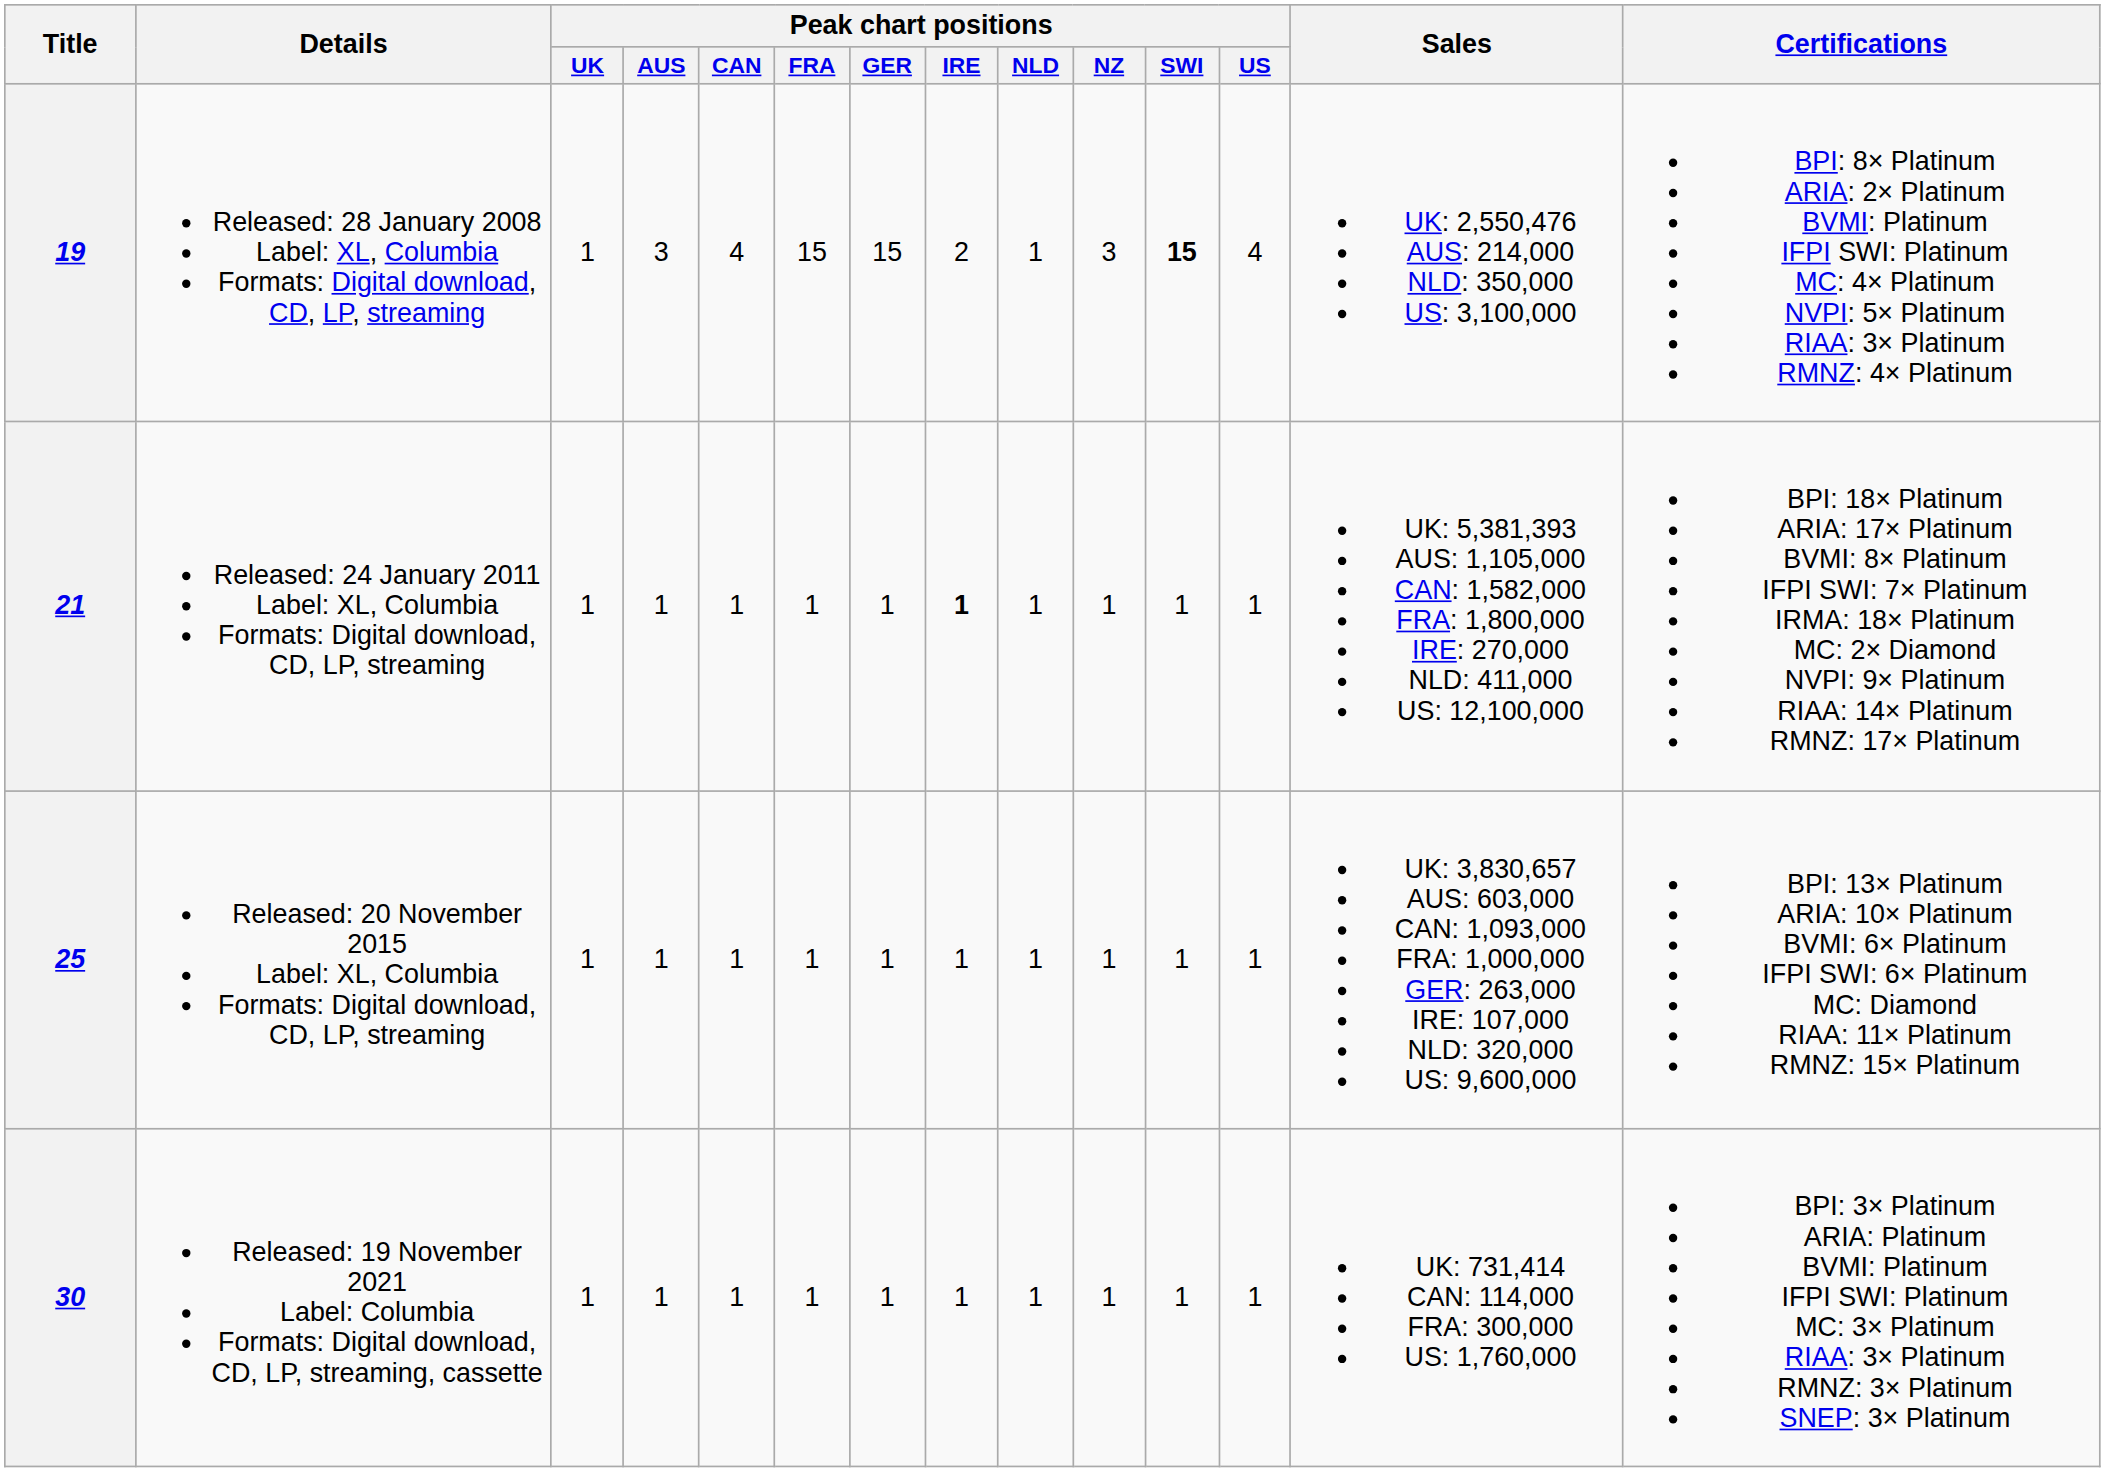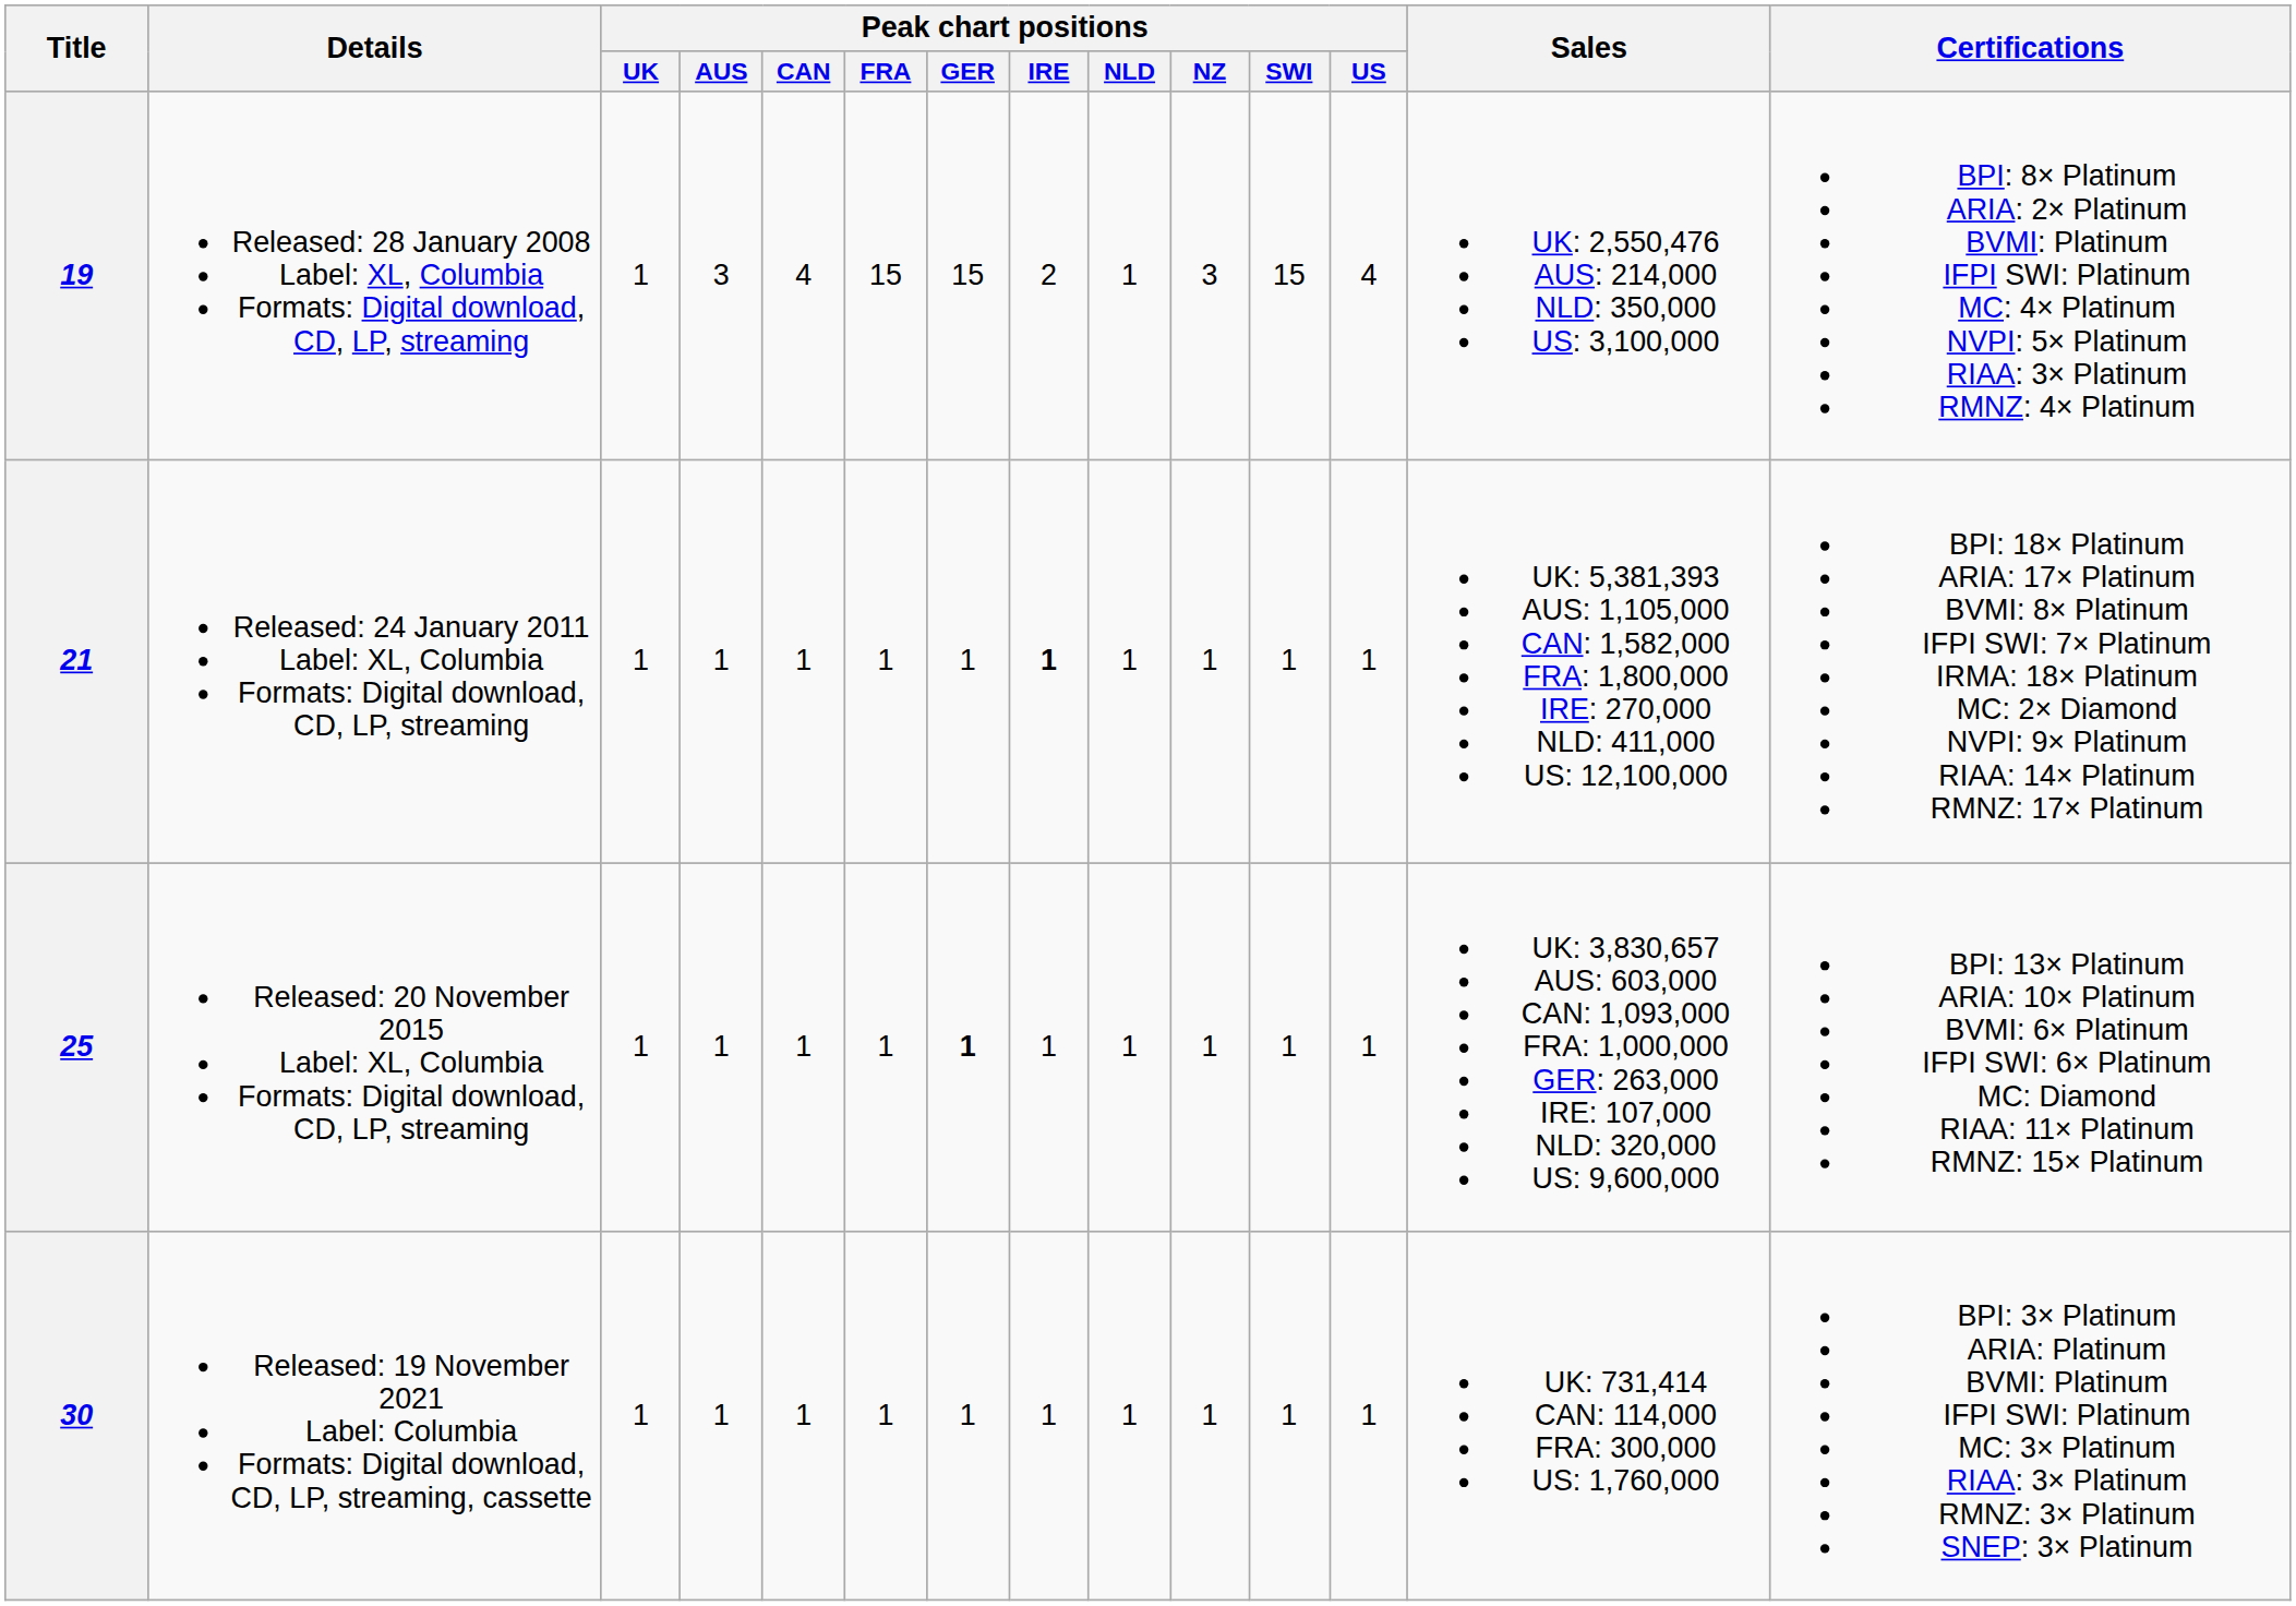 <table class="wikitable plainrowheaders" style="text-align:center;">
 <tr>
 <th scope="col" rowspan="2" style="width:5em;">Title</th>
 <th scope="col" rowspan="2" style="width:17em;">Details</th>
 <th scope="col" colspan="10">Peak chart positions</th>
 <th scope="col" rowspan="2" style="width:13em;">Sales</th>
 <th scope="col" rowspan="2" style="width:20em;"><a href='#'>Certifications</a></th>
 </tr>
 <tr>
 <th scope="col" style="width:3em;font-size:85%;"><a href='#'>UK</a><br></th>
 <th scope="col" style="width:3em;font-size:85%;"><a href='#'>AUS</a><br></th>
 <th scope="col" style="width:3em;font-size:85%;"><a href='#'>CAN</a><br></th>
 <th scope="col" style="width:3em;font-size:85%;"><a href='#'>FRA</a><br></th>
 <th scope="col" style="width:3em;font-size:85%;"><a href='#'>GER</a><br></th>
 <th scope="col" style="width:3em;font-size:85%;"><a href='#'>IRE</a><br></th>
 <th scope="col" style="width:3em;font-size:85%;"><a href='#'>NLD</a><br></th>
 <th scope="col" style="width:3em;font-size:85%;"><a href='#'>NZ</a><br></th>
 <th scope="col" style="width:3em;font-size:85%;"><a href='#'>SWI</a><br></th>
 <th scope="col" style="width:3em;font-size:85%;"><a href='#'>US</a><br></th>
 </tr>
 <tr>
 <th scope="row"><em><a href='#'>19</a></em></th>
 <td><br><ul><li>Released: 28 January 2008</li><li>Label: <a href='#'>XL</a>, <a href='#'>Columbia</a></li><li>Formats: <a href='#'>Digital download</a>, <a href='#'>CD</a>, <a href='#'>LP</a>, <a href='#'>streaming</a></li></ul></td>
 <td>1</td>
 <td>3</td>
 <td>4</td>
 <td>15</td>
 <td>15</td>
 <td>2</td>
 <td>1</td>
 <td>3</td>
-<td><strong>15</strong></td>
+<td>15</td>
 <td>4</td>
 <td><br><ul><li><a href='#'>UK</a>: 2,550,476</li><li><a href='#'>AUS</a>: 214,000</li><li><a href='#'>NLD</a>: 350,000</li><li><a href='#'>US</a>: 3,100,000</li></ul></td>
 <td><br><ul><li><a href='#'>BPI</a>: 8× Platinum</li><li><a href='#'>ARIA</a>: 2× Platinum</li><li><a href='#'>BVMI</a>: Platinum</li><li><a href='#'>IFPI</a> SWI: Platinum</li><li><a href='#'>MC</a>: 4× Platinum</li><li><a href='#'>NVPI</a>: 5× Platinum</li><li><a href='#'>RIAA</a>: 3× Platinum</li><li><a href='#'>RMNZ</a>: 4× Platinum</li></ul></td>
 </tr>
 <tr>
 <th scope="row"><em><a href='#'>21</a></em></th>
 <td><br><ul><li>Released: 24 January 2011</li><li>Label: XL, Columbia</li><li>Formats: Digital download, CD, LP, streaming</li></ul></td>
 <td>1</td>
 <td>1</td>
 <td>1</td>
 <td>1</td>
 <td>1</td>
 <td><strong>1</strong></td>
 <td>1</td>
 <td>1</td>
 <td>1</td>
 <td>1</td>
 <td><br><ul><li>UK: 5,381,393</li><li>AUS: 1,105,000</li><li><a href='#'>CAN</a>: 1,582,000</li><li><a href='#'>FRA</a>: 1,800,000</li><li><a href='#'>IRE</a>: 270,000</li><li>NLD: 411,000</li><li>US: 12,100,000</li></ul></td>
 <td><br><ul><li>BPI: 18× Platinum</li><li>ARIA: 17× Platinum</li><li>BVMI: 8× Platinum</li><li>IFPI SWI: 7× Platinum</li><li>IRMA: 18× Platinum</li><li>MC: 2× Diamond</li><li>NVPI: 9× Platinum</li><li>RIAA: 14× Platinum</li><li>RMNZ: 17× Platinum</li></ul></td>
 </tr>
 <tr>
 <th scope="row"><em><a href='#'>25</a></em></th>
 <td><br><ul><li>Released: 20 November 2015</li><li>Label: XL, Columbia</li><li>Formats: Digital download, CD, LP, streaming</li></ul></td>
 <td>1</td>
 <td>1</td>
 <td>1</td>
 <td>1</td>
-<td>1</td>
+<td><strong>1</strong></td>
 <td>1</td>
 <td>1</td>
 <td>1</td>
 <td>1</td>
 <td>1</td>
 <td><br><ul><li>UK: 3,830,657</li><li>AUS: 603,000</li><li>CAN: 1,093,000</li><li>FRA: 1,000,000</li><li><a href='#'>GER</a>: 263,000</li><li>IRE: 107,000</li><li>NLD: 320,000</li><li>US: 9,600,000</li></ul></td>
 <td><br><ul><li>BPI: 13× Platinum</li><li>ARIA: 10× Platinum</li><li>BVMI: 6× Platinum</li><li>IFPI SWI: 6× Platinum</li><li>MC: Diamond</li><li>RIAA: 11× Platinum</li><li>RMNZ: 15× Platinum</li></ul></td>
 </tr>
 <tr>
 <th scope="row"><em><a href='#'>30</a></em></th>
 <td><br><ul><li>Released: 19 November 2021</li><li>Label: Columbia</li><li>Formats: Digital download, CD, LP, streaming, cassette</li></ul></td>
 <td>1</td>
 <td>1</td>
 <td>1</td>
 <td>1</td>
 <td>1</td>
 <td>1</td>
 <td>1</td>
 <td>1</td>
 <td>1</td>
 <td>1</td>
 <td><br><ul><li>UK: 731,414</li><li>CAN: 114,000</li><li>FRA: 300,000</li><li>US: 1,760,000</li></ul></td>
 <td><br><ul><li>BPI: 3× Platinum</li><li>ARIA: Platinum</li><li>BVMI: Platinum</li><li>IFPI SWI: Platinum</li><li>MC: 3× Platinum</li><li><a href='#'>RIAA</a>: 3× Platinum</li><li>RMNZ: 3× Platinum</li><li><a href='#'>SNEP</a>: 3× Platinum</li></ul></td>
 </tr>
 </table>
